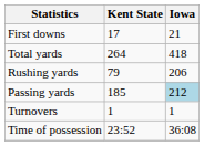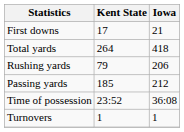 <table class="wikitable">
 <tr>
 <th>Statistics</th>
 <th>Kent State</th>
 <th>Iowa</th>
 </tr>
 <tr>
 <td>First downs</td>
 <td>17</td>
 <td>21</td>
 </tr>
 <tr>
 <td>Total yards</td>
 <td>264</td>
 <td>418</td>
 </tr>
 <tr>
 <td>Rushing yards</td>
 <td>79</td>
 <td>206</td>
 </tr>
 <tr>
 <td>Passing yards</td>
 <td>185</td>
-<td style="background: lightblue;">212</td>
+<td>212</td>
+</tr>
+<tr>
+<td>Time of possession</td>
+<td>23:52</td>
+<td>36:08</td>
 </tr>
 <tr>
 <td>Turnovers</td>
 <td>1</td>
 <td>1</td>
 </tr>
 <tr>
-<td>Time of possession</td>
-<td>23:52</td>
-<td>36:08</td>
-</tr>
-<tr>
 </tr>
 </table>
